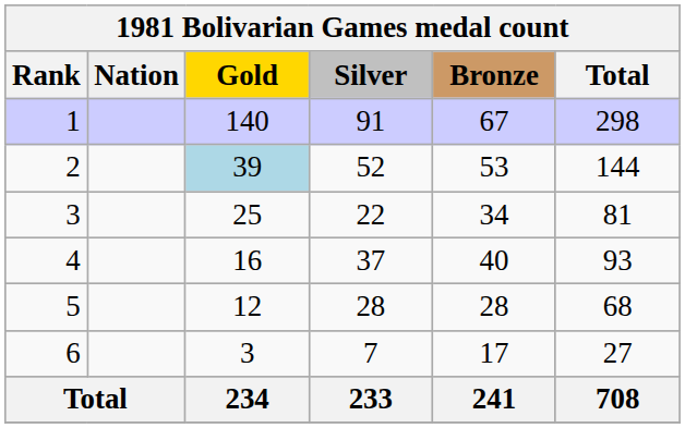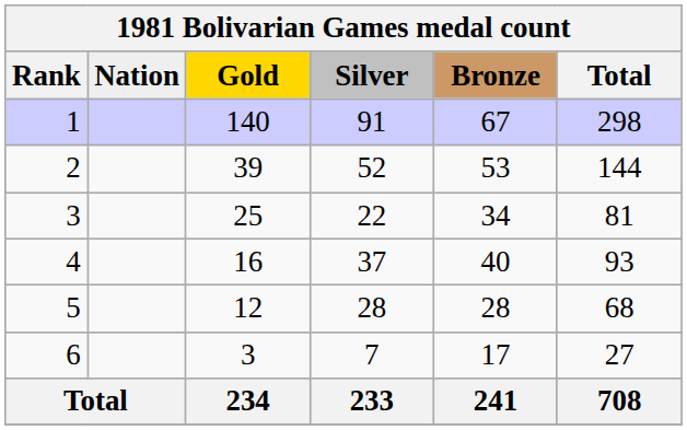 <table class="wikitable" border="2" style="text-align:center">
 <tr>
 <th colspan=6>1981 Bolivarian Games medal count</th>
 </tr>
 <tr bgcolor="#efefef">
 <th>Rank</th>
 <td align=left><strong>Nation</strong></td>
 <td bgcolor="gold" align=center width=60><strong>Gold</strong></td>
 <td bgcolor="silver" align=center width=60><strong>Silver</strong></td>
 <td bgcolor="CC9966" align=center width=60><strong>Bronze</strong></td>
 <th width=60>Total</th>
 </tr>
 <tr style="background:#ccccff">
 <td align=right>1</td>
 <td align=left></td>
 <td>140</td>
 <td>91</td>
 <td>67</td>
 <td>298</td>
 </tr>
 <tr>
 <td align=right>2</td>
 <td align=left></td>
-<td style="background: lightblue;">39</td>
+<td>39</td>
 <td>52</td>
 <td>53</td>
 <td>144</td>
 </tr>
 <tr>
 <td align=right>3</td>
 <td align=left></td>
 <td>25</td>
 <td>22</td>
 <td>34</td>
 <td>81</td>
 </tr>
 <tr>
 <td align=right>4</td>
 <td align=left></td>
 <td>16</td>
 <td>37</td>
 <td>40</td>
 <td>93</td>
 </tr>
 <tr>
 <td align=right>5</td>
 <td align=left></td>
 <td>12</td>
 <td>28</td>
 <td>28</td>
 <td>68</td>
 </tr>
 <tr>
 <td align=right>6</td>
 <td align=left></td>
 <td>3</td>
 <td>7</td>
 <td>17</td>
 <td>27</td>
 </tr>
 <tr>
 <th colspan="2">Total</th>
 <th>234</th>
 <th>233</th>
 <th>241</th>
 <th>708</th>
 </tr>
 <tr>
 </tr>
 </table>
